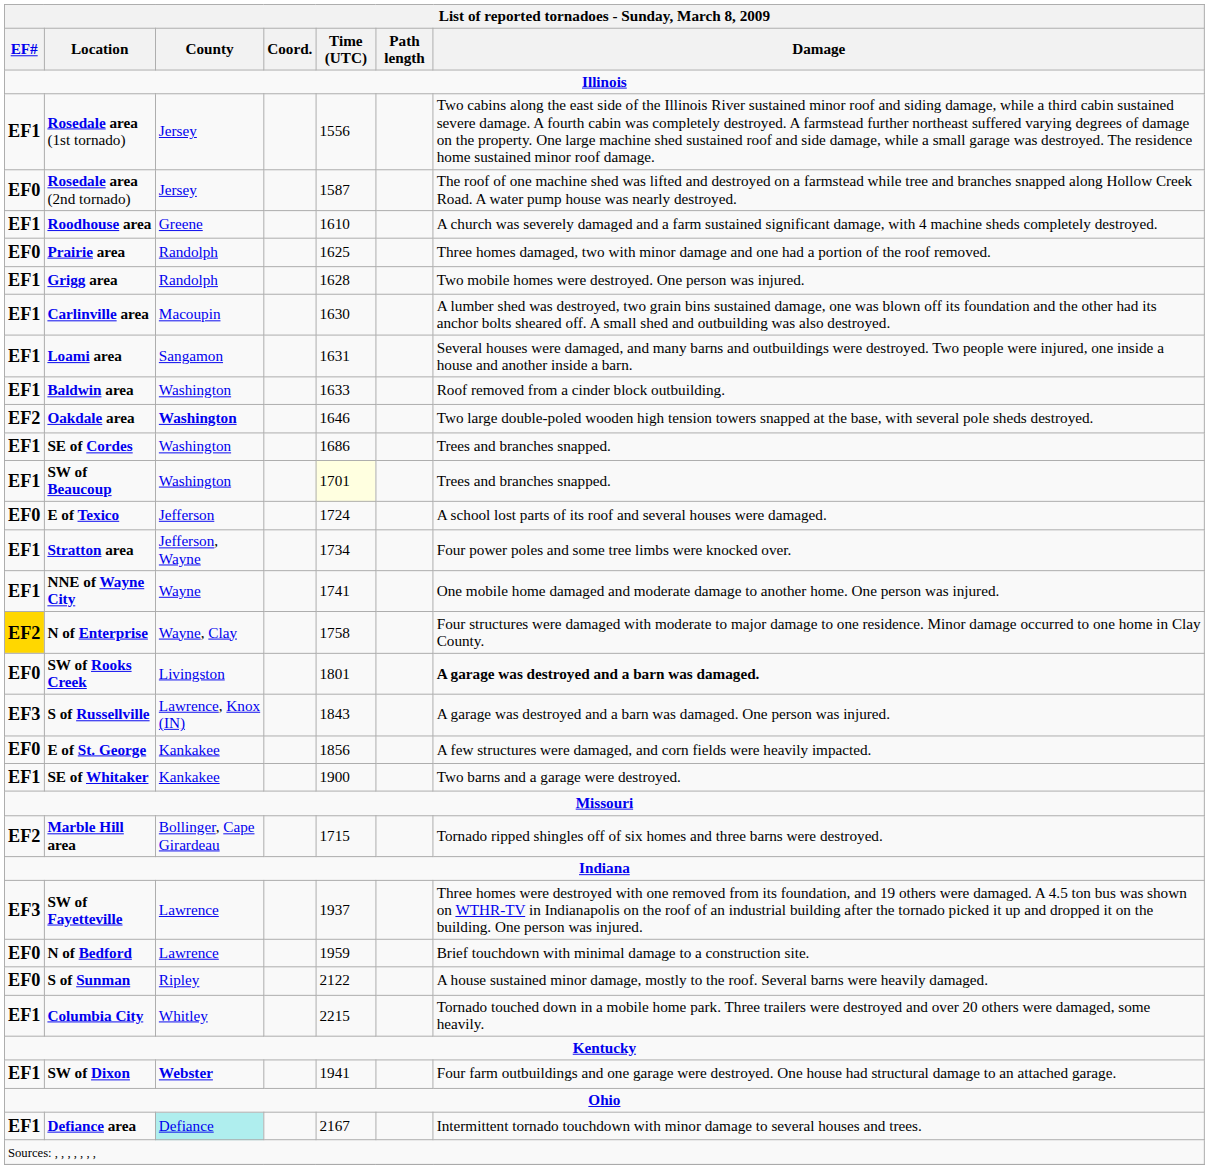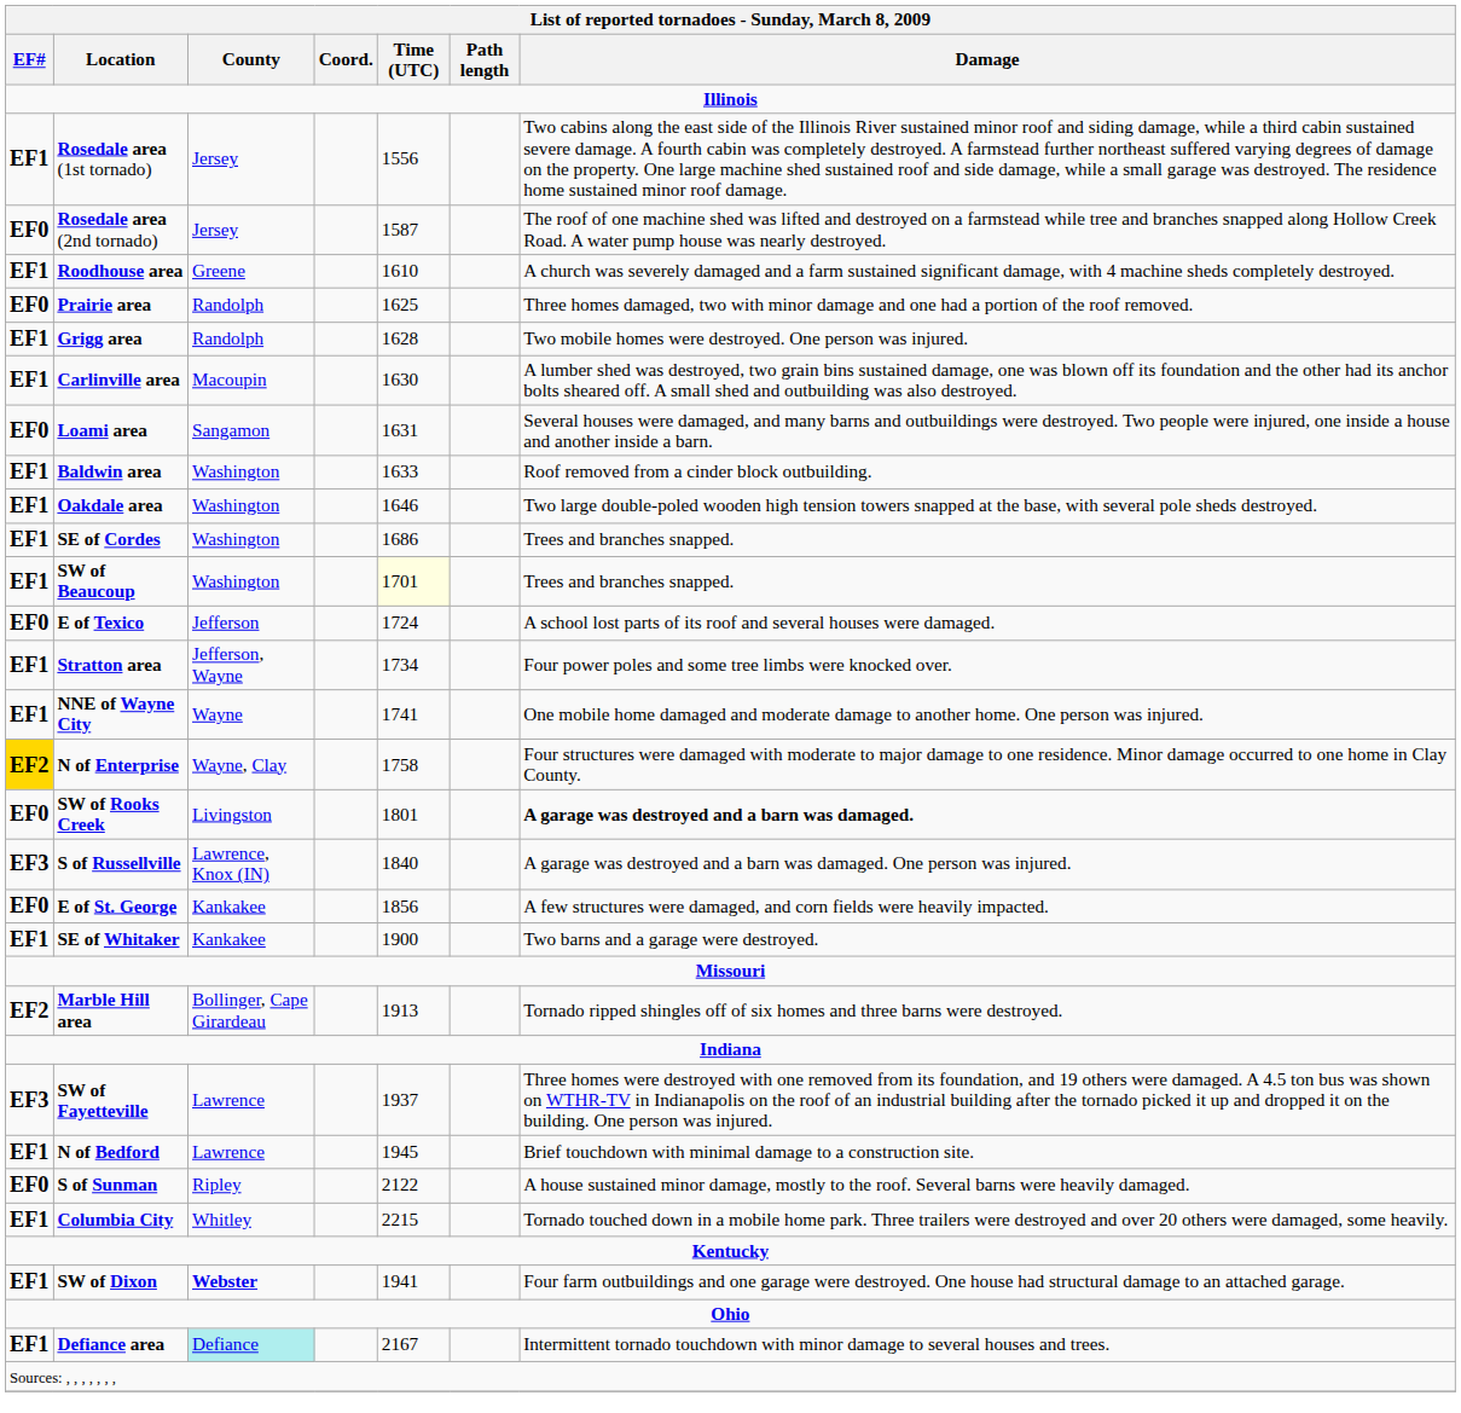 <table class="wikitable collapsible" width="100%">
 <tr>
 <th colspan="7">List of reported tornadoes - Sunday, March 8, 2009</th>
 </tr>
 <tr>
 <th><a href='#'>EF#</a></th>
 <th>Location</th>
 <th>County</th>
 <th>Coord.</th>
 <th>Time (UTC)</th>
 <th>Path length</th>
 <th>Damage</th>
 </tr>
 <tr>
 <td colspan="7" align=center><strong><a href='#'>Illinois</a></strong></td>
 </tr>
 <tr>
 <td><big><strong>EF1</strong></big></td>
 <td><strong><a href='#'>Rosedale</a> area</strong> (1st tornado)</td>
 <td><a href='#'>Jersey</a></td>
 <td></td>
 <td>1556</td>
 <td></td>
 <td>Two cabins along the east side of the Illinois River sustained minor roof and siding damage, while a third cabin sustained severe damage. A fourth cabin was completely destroyed. A farmstead further northeast suffered varying degrees of damage on the property. One large machine shed sustained roof and side damage, while a small garage was destroyed. The residence home sustained minor roof damage.</td>
 </tr>
 <tr>
 <td><big><strong>EF0</strong></big></td>
 <td><strong><a href='#'>Rosedale</a> area</strong> (2nd tornado)</td>
 <td><a href='#'>Jersey</a></td>
 <td></td>
 <td>1587</td>
 <td></td>
 <td>The roof of one machine shed was lifted and destroyed on a farmstead while tree and branches snapped along Hollow Creek Road. A water pump house was nearly destroyed.</td>
 </tr>
 <tr>
 <td><big><strong>EF1</strong></big></td>
 <td><strong><a href='#'>Roodhouse</a> area</strong></td>
 <td><a href='#'>Greene</a></td>
 <td></td>
 <td>1610</td>
 <td></td>
 <td>A church was severely damaged and a farm sustained significant damage, with 4 machine sheds completely destroyed.</td>
 </tr>
 <tr>
 <td><big><strong>EF0</strong></big></td>
 <td><strong><a href='#'>Prairie</a> area</strong></td>
 <td><a href='#'>Randolph</a></td>
 <td></td>
 <td>1625</td>
 <td></td>
 <td>Three homes damaged, two with minor damage and one had a portion of the roof removed.</td>
 </tr>
 <tr>
 <td><big><strong>EF1</strong></big></td>
 <td><strong><a href='#'>Grigg</a> area</strong></td>
 <td><a href='#'>Randolph</a></td>
 <td></td>
 <td>1628</td>
 <td></td>
 <td>Two mobile homes were destroyed. One person was injured.</td>
 </tr>
 <tr>
 <td><big><strong>EF1</strong></big></td>
 <td><strong><a href='#'>Carlinville</a> area</strong></td>
 <td><a href='#'>Macoupin</a></td>
 <td></td>
 <td>1630</td>
 <td></td>
 <td>A lumber shed was destroyed, two grain bins sustained damage, one was blown off its foundation and the other had its anchor bolts sheared off. A small shed and outbuilding was also destroyed.</td>
 </tr>
 <tr>
-<td><big><strong>EF1</strong></big></td>
+<td><big><strong>EF0</strong></big></td>
 <td><strong><a href='#'>Loami</a> area</strong></td>
 <td><a href='#'>Sangamon</a></td>
 <td></td>
 <td>1631</td>
 <td></td>
 <td>Several houses were damaged, and many barns and outbuildings were destroyed. Two people were injured, one inside a house and another inside a barn.</td>
 </tr>
 <tr>
 <td><big><strong>EF1</strong></big></td>
 <td><strong><a href='#'>Baldwin</a> area</strong></td>
 <td><a href='#'>Washington</a></td>
 <td></td>
 <td>1633</td>
 <td></td>
 <td>Roof removed from a cinder block outbuilding.</td>
 </tr>
 <tr>
-<td><big><strong>EF2</strong></big></td>
+<td><big><strong>EF1</strong></big></td>
 <td><strong><a href='#'>Oakdale</a> area</strong></td>
-<td><strong><a href='#'>Washington</a></strong></td>
+<td><a href='#'>Washington</a></td>
 <td></td>
 <td>1646</td>
 <td></td>
 <td>Two large double-poled wooden high tension towers snapped at the base, with several pole sheds destroyed.</td>
 </tr>
 <tr>
 <td><big><strong>EF1</strong></big></td>
 <td><strong>SE of <a href='#'>Cordes</a></strong></td>
 <td><a href='#'>Washington</a></td>
 <td></td>
 <td>1686</td>
 <td></td>
 <td>Trees and branches snapped.</td>
 </tr>
 <tr>
 <td><big><strong>EF1</strong></big></td>
 <td><strong>SW of <a href='#'>Beaucoup</a></strong></td>
 <td><a href='#'>Washington</a></td>
 <td></td>
 <td style="background: lightyellow;">1701</td>
 <td></td>
 <td>Trees and branches snapped.</td>
 </tr>
 <tr>
 <td><big><strong>EF0</strong></big></td>
 <td><strong>E of <a href='#'>Texico</a></strong></td>
 <td><a href='#'>Jefferson</a></td>
 <td></td>
 <td>1724</td>
 <td></td>
 <td>A school lost parts of its roof and several houses were damaged.</td>
 </tr>
 <tr>
 <td><big><strong>EF1</strong></big></td>
 <td><strong><a href='#'>Stratton</a> area</strong></td>
 <td><a href='#'>Jefferson</a>, <a href='#'>Wayne</a></td>
 <td></td>
 <td>1734</td>
 <td></td>
 <td>Four power poles and some tree limbs were knocked over.</td>
 </tr>
 <tr>
 <td><big><strong>EF1</strong></big></td>
 <td><strong>NNE of <a href='#'>Wayne City</a></strong></td>
 <td><a href='#'>Wayne</a></td>
 <td></td>
 <td>1741</td>
 <td></td>
 <td>One mobile home damaged and moderate damage to another home. One person was injured.</td>
 </tr>
 <tr>
 <td style="background: gold;"><big><strong>EF2</strong></big></td>
 <td><strong>N of <a href='#'>Enterprise</a></strong></td>
 <td><a href='#'>Wayne</a>, <a href='#'>Clay</a></td>
 <td></td>
 <td>1758</td>
 <td></td>
 <td>Four structures were damaged with moderate to major damage to one residence. Minor damage occurred to one home in Clay County.</td>
 </tr>
 <tr>
 <td><big><strong>EF0</strong></big></td>
 <td><strong>SW of <a href='#'>Rooks Creek</a></strong></td>
 <td><a href='#'>Livingston</a></td>
 <td></td>
 <td>1801</td>
 <td></td>
 <td><strong>A garage was destroyed and a barn was damaged.</strong></td>
 </tr>
 <tr>
 <td><big><strong>EF3</strong></big></td>
 <td><strong>S of <a href='#'>Russellville</a></strong></td>
 <td><a href='#'>Lawrence</a>, <a href='#'>Knox (IN)</a></td>
 <td></td>
-<td>1843</td>
+<td>1840</td>
 <td></td>
 <td>A garage was destroyed and a barn was damaged. One person was injured.</td>
 </tr>
 <tr>
 <td><big><strong>EF0</strong></big></td>
 <td><strong>E of <a href='#'>St. George</a></strong></td>
 <td><a href='#'>Kankakee</a></td>
 <td></td>
 <td>1856</td>
 <td></td>
 <td>A few structures were damaged, and corn fields were heavily impacted.</td>
 </tr>
 <tr>
 <td><big><strong>EF1</strong></big></td>
 <td><strong>SE of <a href='#'>Whitaker</a></strong></td>
 <td><a href='#'>Kankakee</a></td>
 <td></td>
 <td>1900</td>
 <td></td>
 <td>Two barns and a garage were destroyed.</td>
 </tr>
 <tr>
 <td colspan="7" align=center><strong><a href='#'>Missouri</a></strong></td>
 </tr>
 <tr>
 <td><big><strong>EF2</strong></big></td>
 <td><strong><a href='#'>Marble Hill</a> area</strong></td>
 <td><a href='#'>Bollinger</a>, <a href='#'>Cape Girardeau</a></td>
 <td></td>
-<td>1715</td>
+<td>1913</td>
 <td></td>
 <td>Tornado ripped shingles off of six homes and three barns were destroyed.</td>
 </tr>
 <tr>
 <td colspan="7" align=center><strong><a href='#'>Indiana</a></strong></td>
 </tr>
 <tr>
 <td><big><strong>EF3</strong></big></td>
 <td><strong>SW of <a href='#'>Fayetteville</a></strong></td>
 <td><a href='#'>Lawrence</a></td>
 <td></td>
 <td>1937</td>
 <td></td>
 <td>Three homes were destroyed with one removed from its foundation, and 19 others were damaged. A 4.5 ton bus was shown on <a href='#'>WTHR-TV</a> in Indianapolis on the roof of an industrial building after the tornado picked it up and dropped it on the building. One person was injured.</td>
 </tr>
 <tr>
-<td><big><strong>EF0</strong></big></td>
+<td><big><strong>EF1</strong></big></td>
 <td><strong>N of <a href='#'>Bedford</a></strong></td>
 <td><a href='#'>Lawrence</a></td>
 <td></td>
-<td>1959</td>
+<td>1945</td>
 <td></td>
 <td>Brief touchdown with minimal damage to a construction site.</td>
 </tr>
 <tr>
 <td><big><strong>EF0</strong></big></td>
 <td><strong>S of <a href='#'>Sunman</a></strong></td>
 <td><a href='#'>Ripley</a></td>
 <td></td>
 <td>2122</td>
 <td></td>
 <td>A house sustained minor damage, mostly to the roof. Several barns were heavily damaged.</td>
 </tr>
 <tr>
 <td><big><strong>EF1</strong></big></td>
 <td><strong><a href='#'>Columbia City</a></strong></td>
 <td><a href='#'>Whitley</a></td>
 <td></td>
 <td>2215</td>
 <td></td>
 <td>Tornado touched down in a mobile home park. Three trailers were destroyed and over 20 others were damaged, some heavily.</td>
 </tr>
 <tr>
 <td colspan="7" align=center><strong><a href='#'>Kentucky</a></strong></td>
 </tr>
 <tr>
 <td><big><strong>EF1</strong></big></td>
 <td><strong>SW of <a href='#'>Dixon</a></strong></td>
 <td><strong><a href='#'>Webster</a></strong></td>
 <td></td>
 <td>1941</td>
 <td></td>
 <td>Four farm outbuildings and one garage were destroyed. One house had structural damage to an attached garage.</td>
 </tr>
 <tr>
 <td colspan="7" align=center><strong><a href='#'>Ohio</a></strong></td>
 </tr>
 <tr>
 <td><big><strong>EF1</strong></big></td>
 <td><strong><a href='#'>Defiance</a> area</strong></td>
 <td style="background: paleturquoise;"><a href='#'>Defiance</a></td>
 <td></td>
 <td>2167</td>
 <td></td>
 <td>Intermittent tornado touchdown with minor damage to several houses and trees.</td>
 </tr>
 <tr>
 <td colspan="7"><small>Sources: , , , , , , , </small></td>
 </tr>
 <tr>
 </tr>
 </table>
